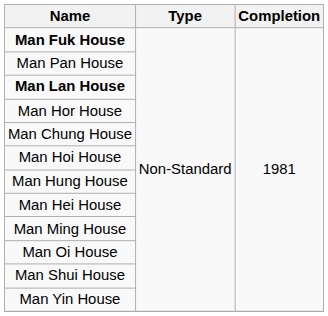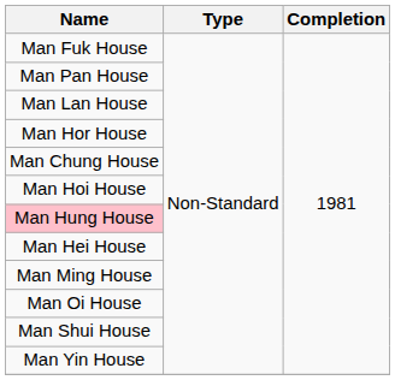 <table class="wikitable" style="text-align: center">
 <tr>
 <th>Name</th>
 <th>Type</th>
 <th>Completion</th>
 </tr>
 <tr>
-<td><strong>Man Fuk House</strong></td>
+<td>Man Fuk House</td>
 <td rowspan="12">Non-Standard</td>
 <td rowspan="12">1981</td>
 </tr>
 <tr>
 <td>Man Pan House</td>
 </tr>
 <tr>
-<td><strong>Man Lan House</strong></td>
+<td>Man Lan House</td>
 </tr>
 <tr>
 <td>Man Hor House</td>
 </tr>
 <tr>
 <td>Man Chung House</td>
 </tr>
 <tr>
 <td>Man Hoi House</td>
 </tr>
 <tr>
-<td>Man Hung House</td>
+<td style="background: pink;">Man Hung House</td>
 </tr>
 <tr>
 <td>Man Hei House</td>
 </tr>
 <tr>
 <td>Man Ming House</td>
 </tr>
 <tr>
 <td>Man Oi House</td>
 </tr>
 <tr>
 <td>Man Shui House</td>
 </tr>
 <tr>
 <td>Man Yin House</td>
 </tr>
 <tr>
 </tr>
 </table>
